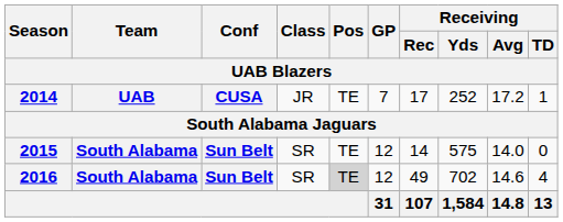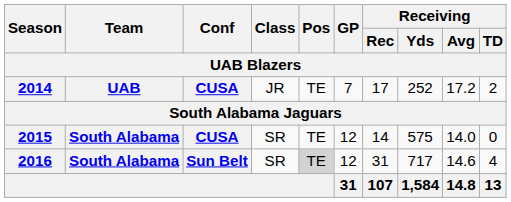 <table class="wikitable" style="text-align: center;">
 <tr>
 <th rowspan="2">Season</th>
 <th rowspan="2">Team</th>
 <th rowspan="2">Conf</th>
 <th rowspan="2">Class</th>
 <th rowspan="2">Pos</th>
 <th rowspan="2">GP</th>
 <th colspan="4">Receiving</th>
 </tr>
 <tr>
 <th>Rec</th>
 <th>Yds</th>
 <th>Avg</th>
 <th>TD</th>
 </tr>
 <tr>
 <th colspan="15">UAB Blazers</th>
 </tr>
 <tr>
 <th><a href='#'>2014</a></th>
 <th><a href='#'>UAB</a></th>
 <th><a href='#'>CUSA</a></th>
 <td>JR</td>
 <td>TE</td>
 <td>7</td>
 <td>17</td>
 <td>252</td>
 <td>17.2</td>
-<td>1</td>
+<td>2</td>
 </tr>
 <tr>
 <th colspan="16">South Alabama Jaguars</th>
 </tr>
 <tr>
 <th><a href='#'>2015</a></th>
 <th><a href='#'>South Alabama</a></th>
-<th><a href='#'>Sun Belt</a></th>
+<th><a href='#'>CUSA</a></th>
 <td>SR</td>
 <td>TE</td>
 <td>12</td>
 <td>14</td>
 <td>575</td>
 <td>14.0</td>
 <td>0</td>
 </tr>
 <tr>
 <th><a href='#'>2016</a></th>
 <th><a href='#'>South Alabama</a></th>
 <th><a href='#'>Sun Belt</a></th>
 <td>SR</td>
 <td style="background: lightgrey;">TE</td>
 <td>12</td>
-<td>49</td>
-<td>702</td>
+<td>31</td>
+<td>717</td>
 <td>14.6</td>
 <td>4</td>
 </tr>
 <tr>
 <th colspan="5"></th>
 <th>31</th>
 <th>107</th>
 <th>1,584</th>
 <th>14.8</th>
 <th>13</th>
 </tr>
 </table>
